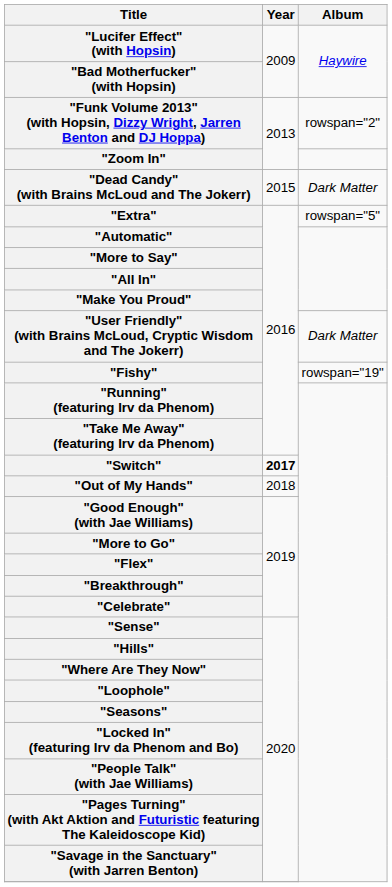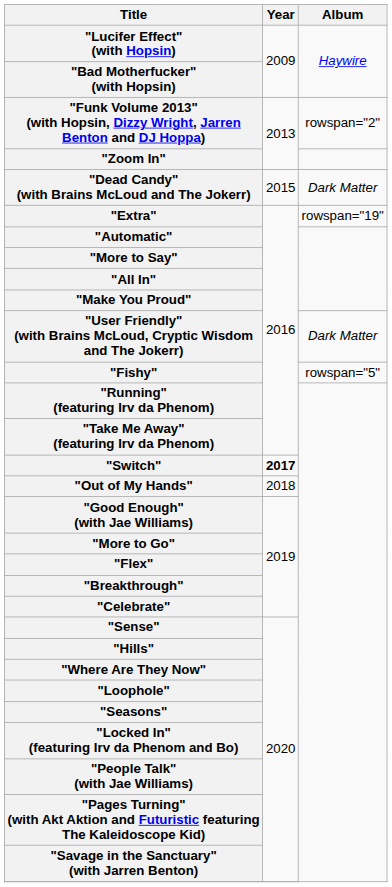 <table class="wikitable plainrowheaders" style="text-align:center;">
 <tr>
 <th scope="col" style="width:19em;">Title</th>
 <th scope="col">Year</th>
 <th scope="col">Album</th>
 </tr>
 <tr>
 <th scope="row">"Lucifer Effect"<br><span>(with <a href='#'>Hopsin</a>)</span></th>
 <td rowspan="2">2009</td>
 <td rowspan="2"><em><a href='#'>Haywire</a></em></td>
 </tr>
 <tr>
 <th scope="row">"Bad Motherfucker"<br><span>(with Hopsin)</span></th>
 </tr>
 <tr>
 <th scope="row">"Funk Volume 2013"<br><span>(with Hopsin, <a href='#'>Dizzy Wright</a>, <a href='#'>Jarren Benton</a> and <a href='#'>DJ Hoppa</a>)</span></th>
 <td rowspan="2">2013</td>
 <td>rowspan="2" </td>
 </tr>
 <tr>
 <th scope="row">"Zoom In"</th>
 </tr>
 <tr>
 <th scope="row">"Dead Candy"<br><span>(with Brains McLoud and The Jokerr)</span></th>
 <td>2015</td>
 <td><em>Dark Matter</em></td>
 </tr>
 <tr>
 <th scope="row">"Extra"</th>
 <td rowspan="9">2016</td>
-<td>rowspan="5" </td>
+<td>rowspan="19" </td>
 </tr>
 <tr>
 <th scope="row">"Automatic"</th>
 </tr>
 <tr>
 <th scope="row">"More to Say"</th>
 </tr>
 <tr>
 <th scope="row">"All In"</th>
 </tr>
 <tr>
 <th scope="row">"Make You Proud"</th>
 </tr>
 <tr>
 <th scope="row">"User Friendly"<br><span>(with Brains McLoud, Cryptic Wisdom and The Jokerr)</span></th>
 <td><em>Dark Matter</em></td>
 </tr>
 <tr>
 <th scope="row">"Fishy"</th>
-<td>rowspan="19" </td>
+<td>rowspan="5" </td>
 </tr>
 <tr>
 <th scope="row">"Running"<br><span>(featuring Irv da Phenom)</span></th>
 </tr>
 <tr>
 <th scope="row">"Take Me Away"<br><span>(featuring Irv da Phenom)</span></th>
 </tr>
 <tr>
 <th scope="row">"Switch"</th>
 <td><strong>2017</strong></td>
 </tr>
 <tr>
 <th scope="row">"Out of My Hands"</th>
 <td>2018</td>
 </tr>
 <tr>
 <th scope="row">"Good Enough"<br><span>(with Jae Williams)</span></th>
 <td rowspan="5">2019</td>
 </tr>
 <tr>
 <th scope="row">"More to Go"</th>
 </tr>
 <tr>
 <th scope="row">"Flex"</th>
 </tr>
 <tr>
 <th scope="row">"Breakthrough"</th>
 </tr>
 <tr>
 <th scope="row">"Celebrate"</th>
 </tr>
 <tr>
 <th scope="row">"Sense"</th>
 <td rowspan="9">2020</td>
 </tr>
 <tr>
 <th scope="row">"Hills"</th>
 </tr>
 <tr>
 <th scope="row">"Where Are They Now"</th>
 </tr>
 <tr>
 <th scope="row">"Loophole"</th>
 </tr>
 <tr>
 <th scope="row">"Seasons"</th>
 </tr>
 <tr>
 <th scope="row">"Locked In"<br><span>(featuring Irv da Phenom and Bo)</span></th>
 </tr>
 <tr>
 <th scope="row">"People Talk"<br><span>(with Jae Williams)</span></th>
 </tr>
 <tr>
 <th scope="row">"Pages Turning"<br><span>(with Akt Aktion and <a href='#'>Futuristic</a> featuring The Kaleidoscope Kid)</span></th>
 </tr>
 <tr>
 <th scope="row">"Savage in the Sanctuary"<br><span>(with Jarren Benton)</span></th>
 </tr>
 <tr>
 </tr>
 </table>
